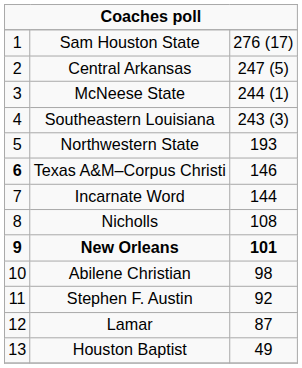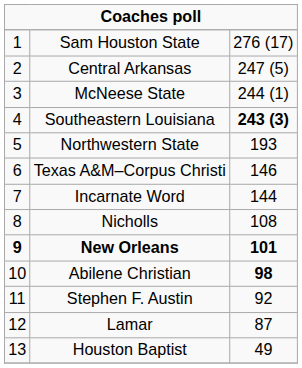 <table class="wikitable">
 <tr align="center">
 <td align="center" Colspan="3"><strong>Coaches poll</strong></td>
 </tr>
 <tr align="center">
 </tr>
 <tr align="center">
 <td>1</td>
 <td>Sam Houston State</td>
 <td>276 (17)</td>
 </tr>
 <tr align="center">
 <td>2</td>
 <td>Central Arkansas</td>
 <td>247 (5)</td>
 </tr>
 <tr align="center">
 <td>3</td>
 <td>McNeese State</td>
 <td>244 (1)</td>
 </tr>
 <tr align="center">
 <td>4</td>
 <td>Southeastern Louisiana</td>
-<td>243 (3)</td>
+<td><strong>243 (3)</strong></td>
 </tr>
 <tr align="center">
 <td>5</td>
 <td>Northwestern State</td>
 <td>193</td>
 </tr>
 <tr align="center">
-<td><strong>6</strong></td>
+<td>6</td>
 <td>Texas A&M–Corpus Christi</td>
 <td>146</td>
 </tr>
 <tr align="center">
 <td>7</td>
 <td>Incarnate Word</td>
 <td>144</td>
 </tr>
 <tr align="center">
 <td>8</td>
 <td>Nicholls</td>
 <td>108</td>
 </tr>
 <tr align="center">
 <td><strong>9</strong></td>
 <td><strong>New Orleans</strong></td>
 <td><strong>101</strong></td>
 </tr>
 <tr align="center">
 <td>10</td>
 <td>Abilene Christian</td>
-<td>98</td>
+<td><strong>98</strong></td>
 </tr>
 <tr align="center">
 <td>11</td>
 <td>Stephen F. Austin</td>
 <td>92</td>
 </tr>
 <tr align="center">
 <td>12</td>
 <td>Lamar</td>
 <td>87</td>
 </tr>
 <tr align="center">
 <td>13</td>
 <td>Houston Baptist</td>
 <td>49</td>
 </tr>
 <tr align="center">
 </tr>
 </table>
